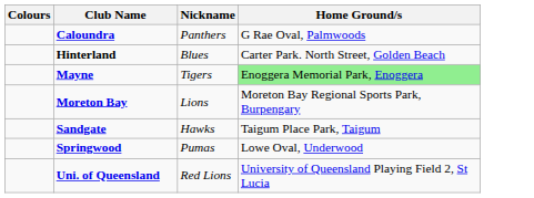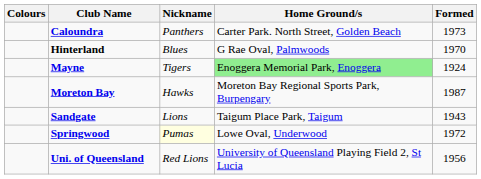 <table class="wikitable sortable" style="font-size:90% float:left">
 <tr>
 <th width="050px">Colours</th>
 <th width="150px">Club Name</th>
 <th width="050px">Nickname</th>
 <th width="300px">Home Ground/s</th>
+<th width="050px">Formed</th>
 </tr>
 <tr>
 <td style="text-align:center;"></td>
 <td><strong><a href='#'>Caloundra</a></strong></td>
 <td><em>Panthers</em></td>
-<td>G Rae Oval, <a href='#'>Palmwoods</a></td>
+<td>Carter Park. North Street, <a href='#'>Golden Beach</a></td>
+<td style="text-align:center;">1973</td>
 </tr>
 <tr>
 <td style="text-align:center;"></td>
 <td><strong>Hinterland</strong></td>
 <td><em>Blues</em></td>
-<td>Carter Park. North Street, <a href='#'>Golden Beach</a></td>
+<td>G Rae Oval, <a href='#'>Palmwoods</a></td>
+<td style="text-align:center;">1970</td>
 </tr>
 <tr>
 <td style="text-align:center;"></td>
 <td><strong><a href='#'>Mayne</a></strong></td>
 <td><em>Tigers</em></td>
 <td style="background: lightgreen;">Enoggera Memorial Park, <a href='#'>Enoggera</a></td>
+<td style="text-align:center;">1924</td>
 </tr>
 <tr>
 <td style="text-align:center;"></td>
 <td><strong><a href='#'>Moreton Bay</a></strong></td>
-<td><em>Lions</em></td>
+<td><em>Hawks</em></td>
 <td>Moreton Bay Regional Sports Park, <a href='#'>Burpengary</a></td>
+<td style="text-align:center;">1987</td>
 </tr>
 <tr>
 <td style="text-align:center;"></td>
 <td><strong><a href='#'>Sandgate</a></strong></td>
-<td><em>Hawks</em></td>
+<td><em>Lions</em></td>
 <td>Taigum Place Park, <a href='#'>Taigum</a></td>
+<td style="text-align:center;">1943</td>
 </tr>
 <tr>
 <td style="text-align:center;"></td>
 <td><strong><a href='#'>Springwood</a></strong></td>
-<td><em>Pumas</em></td>
+<td style="background: lightyellow;"><em>Pumas</em></td>
 <td>Lowe Oval, <a href='#'>Underwood</a></td>
+<td style="text-align:center;">1972</td>
 </tr>
 <tr>
 <td style="text-align:center;"></td>
 <td><strong><a href='#'>Uni. of Queensland</a></strong></td>
 <td><em>Red Lions</em></td>
 <td><a href='#'>University of Queensland</a> Playing Field 2, <a href='#'>St Lucia</a></td>
+<td style="text-align:center;">1956</td>
 </tr>
 </table>
